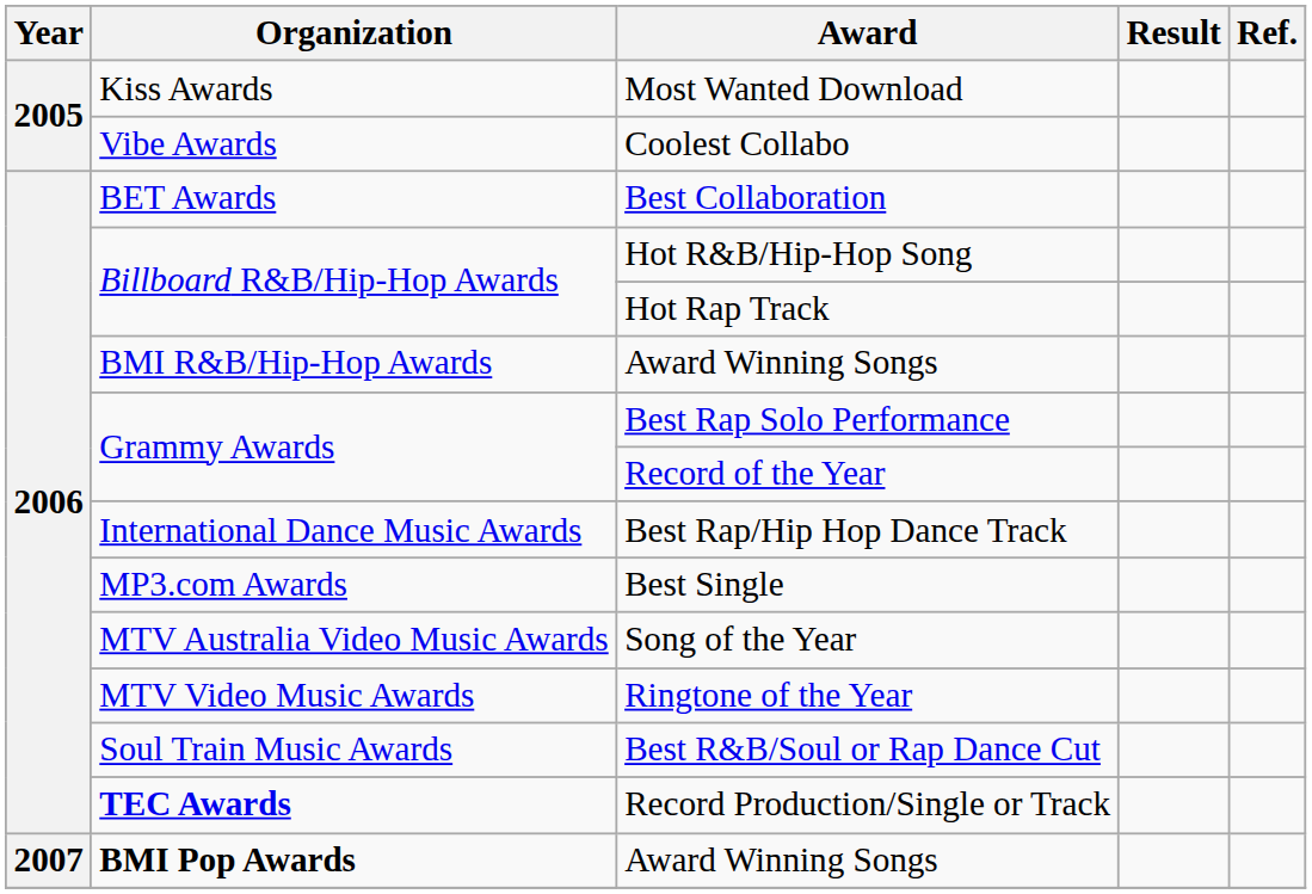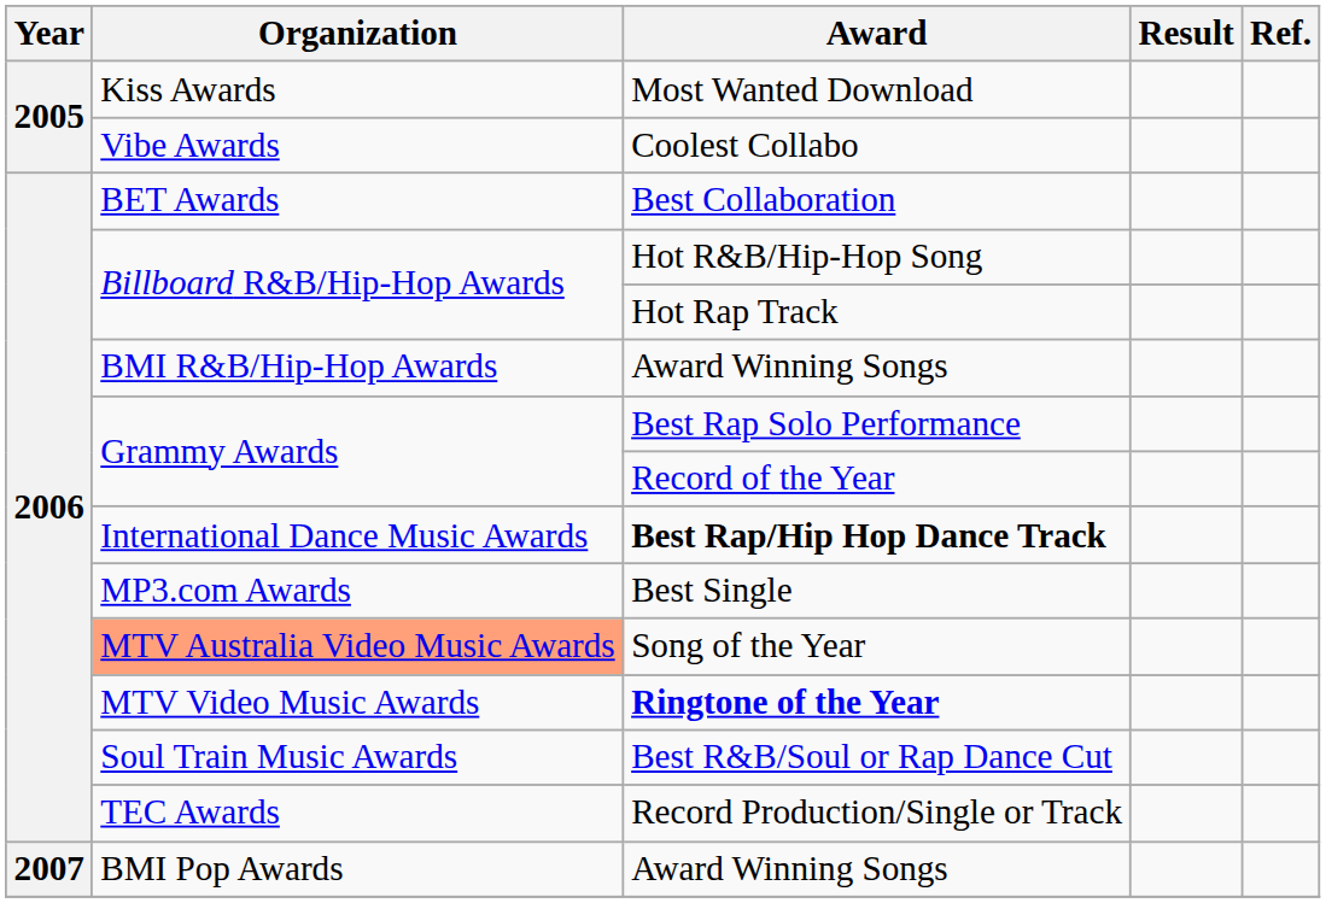 <table class="wikitable plainrowheaders sortable">
 <tr>
 <th scope="col">Year</th>
 <th scope="col">Organization</th>
 <th scope="col">Award</th>
 <th scope="col">Result</th>
 <th scope="col" class="unsortable">Ref.</th>
 </tr>
 <tr>
 <th scope="row" rowspan="2">2005</th>
 <td>Kiss Awards</td>
 <td>Most Wanted Download</td>
 <td></td>
 <td style="text-align:center;"></td>
 </tr>
 <tr>
 <td><a href='#'>Vibe Awards</a></td>
 <td>Coolest Collabo</td>
 <td></td>
 <td style="text-align:center;"></td>
 </tr>
 <tr>
 <th scope="row" rowspan="12">2006</th>
 <td><a href='#'>BET Awards</a></td>
 <td><a href='#'>Best Collaboration</a></td>
 <td></td>
 <td style="text-align:center;"></td>
 </tr>
 <tr>
 <td rowspan="2"><a href='#'><em>Billboard</em> R&B/Hip-Hop Awards</a></td>
 <td>Hot R&B/Hip-Hop Song</td>
 <td></td>
 <td style="text-align:center;"></td>
 </tr>
 <tr>
 <td>Hot Rap Track</td>
 <td></td>
 <td style="text-align:center;"></td>
 </tr>
 <tr>
 <td><a href='#'>BMI R&B/Hip-Hop Awards</a></td>
 <td>Award Winning Songs</td>
 <td></td>
 <td style="text-align:center;"></td>
 </tr>
 <tr>
 <td rowspan="2"><a href='#'>Grammy Awards</a></td>
 <td><a href='#'>Best Rap Solo Performance</a></td>
 <td></td>
 <td style="text-align:center;"></td>
 </tr>
 <tr>
 <td><a href='#'>Record of the Year</a></td>
 <td></td>
 <td style="text-align:center;"></td>
 </tr>
 <tr>
 <td><a href='#'>International Dance Music Awards</a></td>
-<td>Best Rap/Hip Hop Dance Track</td>
+<td><strong>Best Rap/Hip Hop Dance Track</strong></td>
 <td></td>
 <td style="text-align:center;"></td>
 </tr>
 <tr>
 <td><a href='#'>MP3.com Awards</a></td>
 <td>Best Single</td>
 <td></td>
 <td style="text-align:center;"></td>
 </tr>
 <tr>
-<td><a href='#'>MTV Australia Video Music Awards</a></td>
+<td style="background: lightsalmon;"><a href='#'>MTV Australia Video Music Awards</a></td>
 <td>Song of the Year</td>
 <td></td>
 <td style="text-align:center;"></td>
 </tr>
 <tr>
 <td><a href='#'>MTV Video Music Awards</a></td>
-<td><a href='#'>Ringtone of the Year</a></td>
+<td><strong><a href='#'>Ringtone of the Year</a></strong></td>
 <td></td>
 <td style="text-align:center;"></td>
 </tr>
 <tr>
 <td><a href='#'>Soul Train Music Awards</a></td>
 <td><a href='#'>Best R&B/Soul or Rap Dance Cut</a></td>
 <td></td>
 <td style="text-align:center;"></td>
 </tr>
 <tr>
-<td><strong><a href='#'>TEC Awards</a></strong></td>
+<td><a href='#'>TEC Awards</a></td>
 <td>Record Production/Single or Track</td>
 <td></td>
 <td style="text-align:center;"></td>
 </tr>
 <tr>
 <th scope="row">2007</th>
-<td><strong>BMI Pop Awards</strong></td>
+<td>BMI Pop Awards</td>
 <td>Award Winning Songs</td>
 <td></td>
 <td style="text-align:center;"></td>
 </tr>
 <tr>
 </tr>
 </table>
